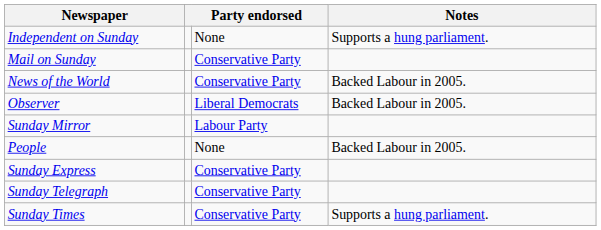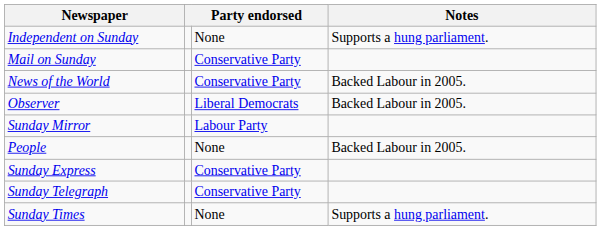 <table class="wikitable">
 <tr>
 <th>Newspaper</th>
 <th colspan=2>Party endorsed</th>
 <th width=300px>Notes</th>
 </tr>
 <tr>
 <td width=200px><em><a href='#'>Independent on Sunday</a></em></td>
 <td style="background-color: "></td>
 <td width=150px>None</td>
 <td>Supports a <a href='#'>hung parliament</a>.</td>
 </tr>
 <tr>
 <td><em><a href='#'>Mail on Sunday</a></em></td>
 <td style="background-color: "></td>
 <td><a href='#'>Conservative Party</a></td>
 <td></td>
 </tr>
 <tr>
 <td><em><a href='#'>News of the World</a></em></td>
 <td style="background-color: "></td>
 <td><a href='#'>Conservative Party</a></td>
 <td>Backed Labour in 2005.</td>
 </tr>
 <tr>
 <td><em><a href='#'>Observer</a></em></td>
 <td style="background-color: "></td>
 <td><a href='#'>Liberal Democrats</a></td>
 <td>Backed Labour in 2005.</td>
 </tr>
 <tr>
 <td><em><a href='#'>Sunday Mirror</a></em></td>
 <td style="background-color: "></td>
 <td><a href='#'>Labour Party</a></td>
 <td></td>
 </tr>
 <tr>
 <td><em><a href='#'>People</a></em></td>
 <td style="background-color: "></td>
 <td>None</td>
 <td>Backed Labour in 2005.</td>
 </tr>
 <tr>
 <td><em><a href='#'>Sunday Express</a></em></td>
 <td style="background-color: "></td>
 <td><a href='#'>Conservative Party</a></td>
 <td></td>
 </tr>
 <tr>
 <td><em><a href='#'>Sunday Telegraph</a></em></td>
 <td style="background-color: "></td>
 <td><a href='#'>Conservative Party</a></td>
 <td></td>
 </tr>
 <tr>
 <td><em><a href='#'>Sunday Times</a></em></td>
 <td style="background-color: "></td>
-<td><a href='#'>Conservative Party</a></td>
+<td width=150px>None</td>
 <td>Supports a <a href='#'>hung parliament</a>.</td>
 </tr>
 </table>
